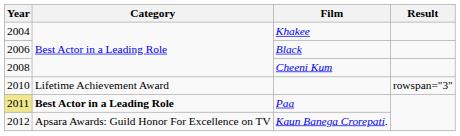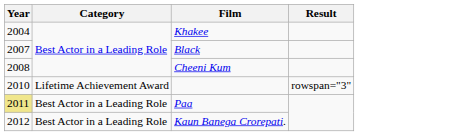 <table class="wikitable sortable">
 <tr>
 <th>Year</th>
 <th>Category</th>
 <th>Film</th>
 <th>Result</th>
 </tr>
 <tr>
 <td>2004</td>
 <td rowspan="3"><a href='#'>Best Actor in a Leading Role</a></td>
 <td><em><a href='#'>Khakee</a></em></td>
 <td></td>
 </tr>
 <tr>
-<td>2006</td>
+<td>2007</td>
 <td><em><a href='#'>Black</a></em></td>
 <td></td>
 </tr>
 <tr>
 <td>2008</td>
 <td><em><a href='#'>Cheeni Kum</a></em></td>
 <td></td>
 </tr>
 <tr>
 <td>2010</td>
 <td>Lifetime Achievement Award</td>
 <td></td>
 <td>rowspan="3" </td>
 </tr>
 <tr>
 <td style="background: khaki;">2011</td>
-<td><strong>Best Actor in a Leading Role</strong></td>
+<td>Best Actor in a Leading Role</td>
 <td><em><a href='#'>Paa</a></em></td>
 </tr>
 <tr>
 <td>2012</td>
-<td>Apsara Awards: Guild Honor For Excellence on TV</td>
+<td>Best Actor in a Leading Role</td>
 <td><em><a href='#'>Kaun Banega Crorepati</a></em>.</td>
 </tr>
 </table>
